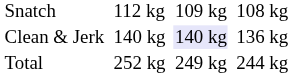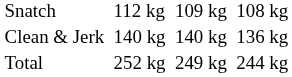 <table>
 <tr>
 <td>Snatch</td>
 <td></td>
 <td>112 kg</td>
 <td></td>
 <td>109 kg</td>
 <td></td>
 <td>108 kg</td>
 </tr>
 <tr>
 <td>Clean & Jerk</td>
 <td></td>
 <td>140 kg</td>
 <td></td>
-<td style="background: lavender;">140 kg</td>
+<td>140 kg</td>
 <td></td>
 <td>136 kg</td>
 </tr>
 <tr>
 <td>Total</td>
 <td></td>
 <td>252 kg</td>
 <td></td>
 <td>249 kg</td>
 <td></td>
 <td>244 kg</td>
 </tr>
 </table>
